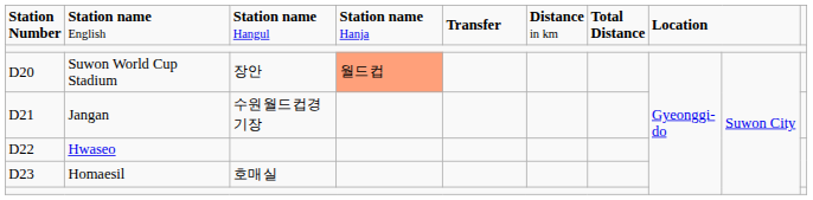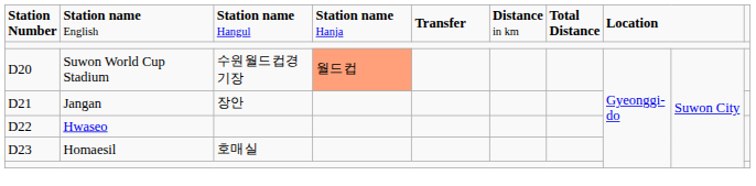 <table class="wikitable">
 <tr>
 <td><div><strong>Station<br>Number</strong></div></td>
 <td width="250"><div><strong>Station name</strong><br><small>English</small></div></td>
 <td width="150"><div><strong>Station name</strong><br><small><a href='#'>Hangul</a></small></div></td>
 <td width="150"><div><strong>Station name</strong><br><small><a href='#'>Hanja</a></small></div></td>
 <td width="100"><div><strong>Transfer</strong></div></td>
 <td><div><strong>Distance</strong><br><small>in km</small></div></td>
 <td><div><strong>Total<br>Distance</strong></div></td>
 <td colspan = "2"><div><strong>Location</strong></div></td>
 </tr>
 <tr style="background:#">
 <td colspan = "10"></td>
 </tr>
 <tr>
 <td><div>D20</div></td>
 <td Suwon World Cup Stadium station>Suwon World Cup Stadium<br></td>
-<td>장안</td>
+<td>수원월드컵경기장</td>
 <td style="background: lightsalmon;">월드컵</td>
 <td></td>
 <td></td>
 <td></td>
 <td width="75" rowspan="5"><div><a href='#'>Gyeonggi-do</a></div></td>
 <td width="100" rowspan="5"><div><a href='#'>Suwon City</a></div></td>
 </tr>
 <tr>
 <td><div>D21</div></td>
 <td>Jangan</td>
-<td>수원월드컵경기장</td>
+<td>장안</td>
 <td></td>
 <td></td>
 <td></td>
 <td></td>
 <td></td>
 </tr>
 <tr>
 <td><div>D22</div></td>
 <td><a href='#'>Hwaseo</a></td>
 <td></td>
 <td></td>
 <td></td>
 <td></td>
 <td></td>
 </tr>
 <tr>
 <td><div>D23</div></td>
 <td Homaesil station>Homaesil<br></td>
 <td>호매실</td>
 <td></td>
 <td></td>
 <td></td>
 <td></td>
 </tr>
 <tr style="background:#">
 <td colspan = "10"></td>
 </tr>
 </table>
